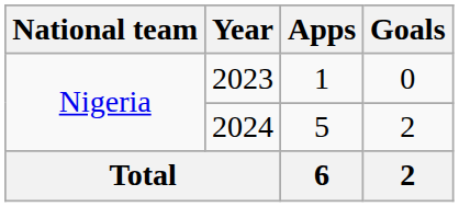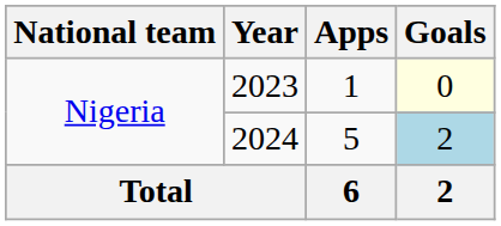 <table class="wikitable" style="text-align:center">
 <tr>
 <th>National team</th>
 <th>Year</th>
 <th>Apps</th>
 <th>Goals</th>
 </tr>
 <tr>
 <td rowspan="2"><a href='#'>Nigeria</a></td>
 <td>2023</td>
 <td>1</td>
-<td>0</td>
+<td style="background: lightyellow;">0</td>
 </tr>
 <tr>
 <td>2024</td>
 <td>5</td>
-<td>2</td>
+<td style="background: lightblue;">2</td>
 </tr>
 <tr>
 <th colspan="2">Total</th>
 <th>6</th>
 <th>2</th>
 </tr>
 </table>
